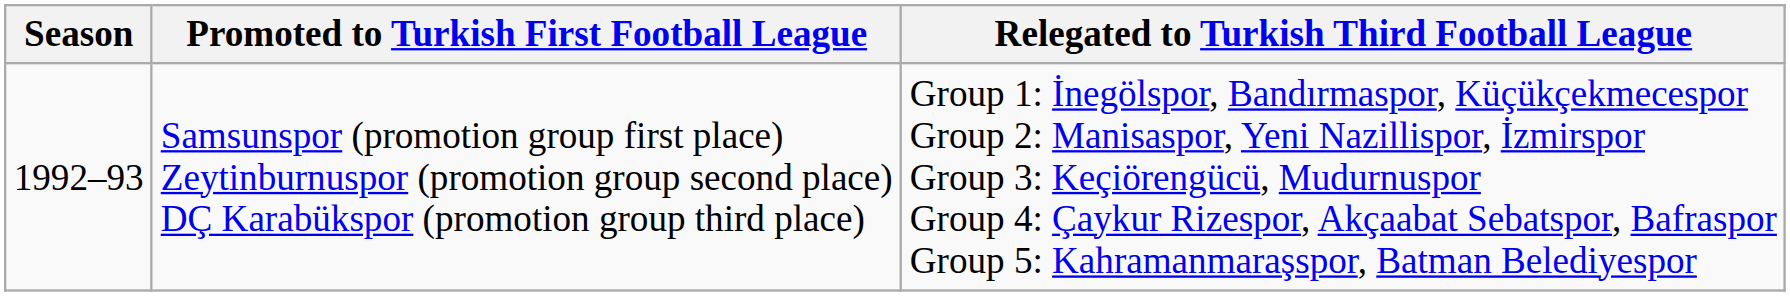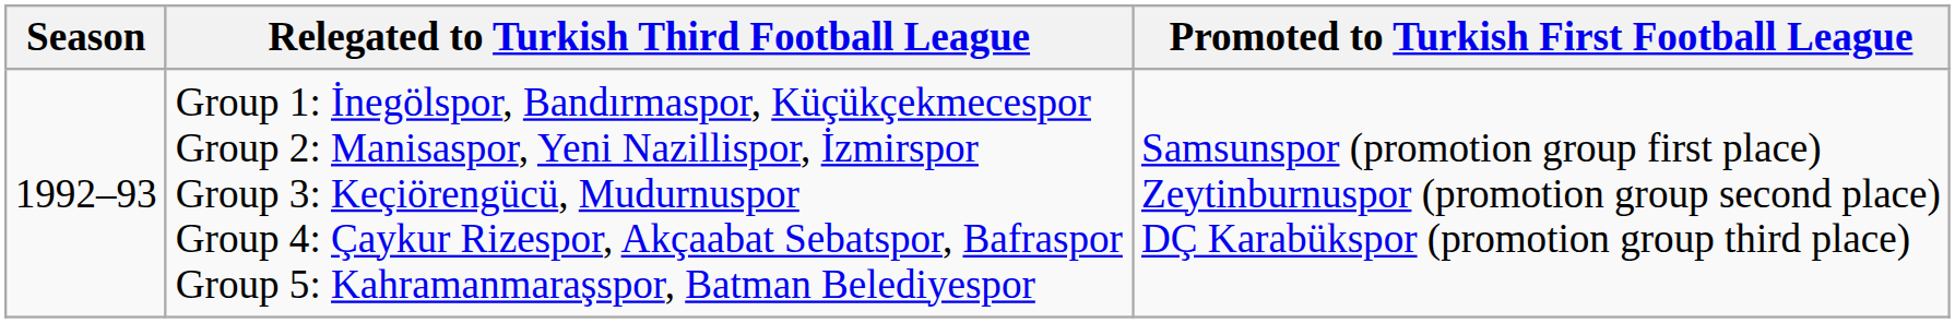 <table class="wikitable">
 <tr>
 <th>Season</th>
+<th>Relegated to <a href='#'>Turkish Third Football League</a></th>
 <th>Promoted to <a href='#'>Turkish First Football League</a></th>
-<th>Relegated to <a href='#'>Turkish Third Football League</a></th>
 </tr>
 <tr>
 <td>1992–93</td>
+<td>Group 1: <a href='#'>İnegölspor</a>, <a href='#'>Bandırmaspor</a>, <a href='#'>Küçükçekmecespor</a><br>Group 2: <a href='#'>Manisaspor</a>, <a href='#'>Yeni Nazillispor</a>, <a href='#'>İzmirspor</a><br>Group 3: <a href='#'>Keçiörengücü</a>, <a href='#'>Mudurnuspor</a><br>Group 4: <a href='#'>Çaykur Rizespor</a>, <a href='#'>Akçaabat Sebatspor</a>, <a href='#'>Bafraspor</a><br>Group 5: <a href='#'>Kahramanmaraşspor</a>, <a href='#'>Batman Belediyespor</a></td>
 <td><a href='#'>Samsunspor</a> (promotion group first place)<br><a href='#'>Zeytinburnuspor</a> (promotion group second place)<br><a href='#'>DÇ Karabükspor</a> (promotion group third place)</td>
-<td>Group 1: <a href='#'>İnegölspor</a>, <a href='#'>Bandırmaspor</a>, <a href='#'>Küçükçekmecespor</a><br>Group 2: <a href='#'>Manisaspor</a>, <a href='#'>Yeni Nazillispor</a>, <a href='#'>İzmirspor</a><br>Group 3: <a href='#'>Keçiörengücü</a>, <a href='#'>Mudurnuspor</a><br>Group 4: <a href='#'>Çaykur Rizespor</a>, <a href='#'>Akçaabat Sebatspor</a>, <a href='#'>Bafraspor</a><br>Group 5: <a href='#'>Kahramanmaraşspor</a>, <a href='#'>Batman Belediyespor</a></td>
 </tr>
 </table>
